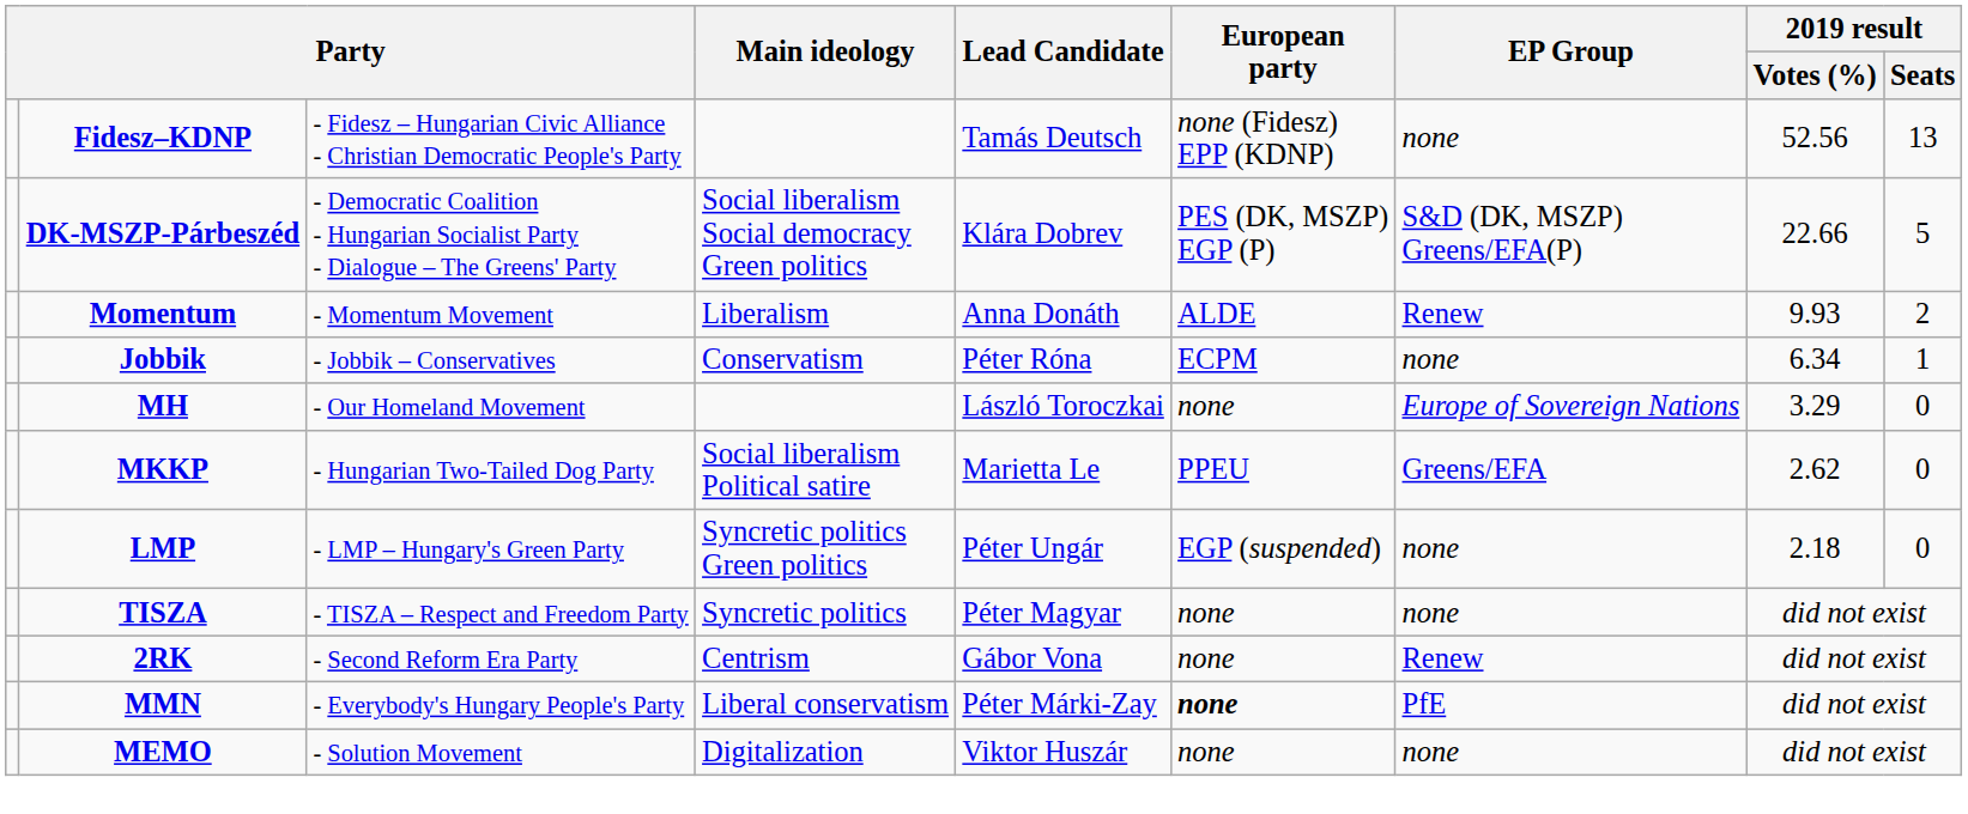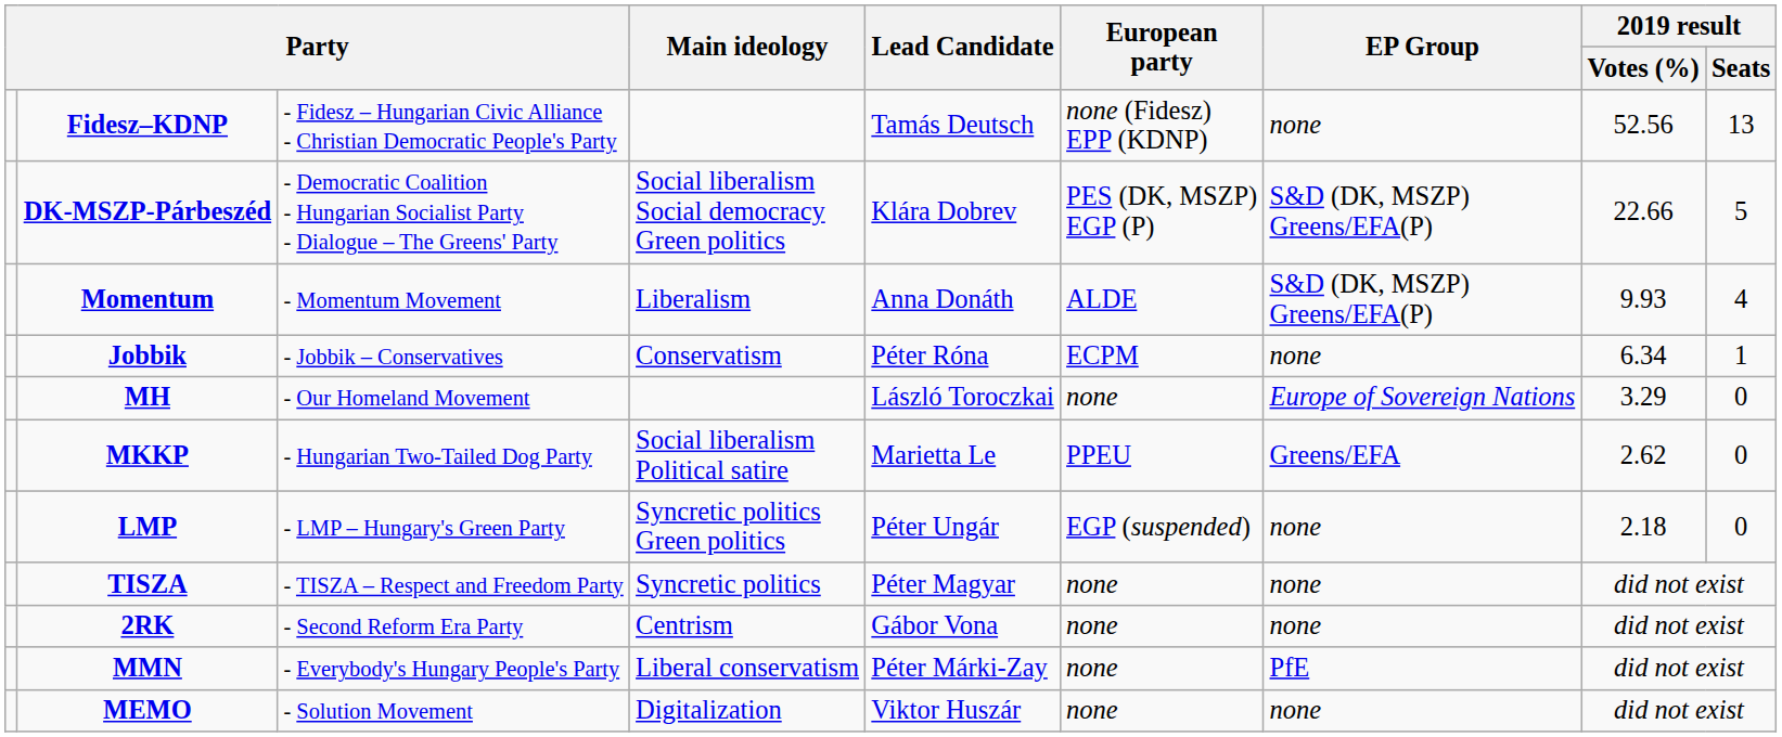 <table class=wikitable style=text-align:left>
 <tr>
 <th rowspan="2" colspan="3">Party</th>
 <th rowspan="2">Main ideology</th>
 <th rowspan="2">Lead Candidate</th>
 <th rowspan="2">European<br>party</th>
 <th rowspan="2">EP Group</th>
 <th colspan="2">2019 result</th>
 </tr>
 <tr>
 <th>Votes (%)</th>
 <th>Seats</th>
 </tr>
 <tr>
 <td style="background:"></td>
 <td style="text-align:center;"><strong><a href='#'>Fidesz–KDNP</a></strong></td>
 <td><small>- <a href='#'>Fidesz – Hungarian Civic Alliance</a></small><br><small>- <a href='#'>Christian Democratic People's Party</a></small></td>
 <td></td>
 <td><a href='#'>Tamás Deutsch</a></td>
 <td><em>none</em> (Fidesz)<br><a href='#'>EPP</a> (KDNP)</td>
 <td><em>none</em></td>
 <td style="text-align:center;">52.56</td>
 <td style="text-align:center;">13</td>
 </tr>
 <tr>
 <td style="background:"></td>
 <td style="text-align:center;"><strong><a href='#'>DK-MSZP-Párbeszéd</a></strong></td>
 <td><small>- <a href='#'>Democratic Coalition</a></small><br><small>- <a href='#'>Hungarian Socialist Party</a></small><br><small>- <a href='#'>Dialogue – The Greens' Party</a></small></td>
 <td><a href='#'>Social liberalism</a><br><a href='#'>Social democracy</a><br><a href='#'>Green politics</a></td>
 <td><a href='#'>Klára Dobrev</a></td>
 <td><a href='#'>PES</a> (DK, MSZP)<br><a href='#'>EGP</a> (P)</td>
 <td><a href='#'>S&D</a> (DK, MSZP)<br><a href='#'>Greens/EFA</a>(P)</td>
 <td style="text-align:center;">22.66</td>
 <td style="text-align:center;">5</td>
 </tr>
 <tr>
 <td style="background-color:"></td>
 <td style="text-align:center;"><a href='#'><strong>Momentum</strong></a></td>
 <td><small>- <a href='#'>Momentum Movement</a></small></td>
 <td><a href='#'>Liberalism</a></td>
 <td><a href='#'>Anna Donáth</a></td>
 <td><a href='#'>ALDE</a></td>
-<td><a href='#'>Renew</a></td>
+<td><a href='#'>S&D</a> (DK, MSZP)<br><a href='#'>Greens/EFA</a>(P)</td>
 <td style="text-align:center;">9.93</td>
-<td style="text-align:center;">2</td>
+<td style="text-align:center;">4</td>
 </tr>
 <tr>
 <td style="background-color:"></td>
 <td style="text-align:center;"><strong><a href='#'>Jobbik</a></strong></td>
 <td><small>- <a href='#'>Jobbik – Conservatives</a></small></td>
 <td><a href='#'>Conservatism</a></td>
 <td><a href='#'>Péter Róna</a></td>
 <td><a href='#'>ECPM</a></td>
 <td><em>none</em></td>
 <td style="text-align:center;">6.34</td>
 <td style="text-align:center;">1</td>
 </tr>
 <tr>
 <td style="background:"></td>
 <td style="text-align:center;"><strong><a href='#'>MH</a></strong></td>
 <td><small>- <a href='#'>Our Homeland Movement</a></small></td>
 <td></td>
 <td><a href='#'>László Toroczkai</a></td>
 <td><em>none</em></td>
 <td><em><a href='#'>Europe of Sovereign Nations</a></em></td>
 <td style="text-align:center;">3.29</td>
 <td style="text-align:center;">0</td>
 </tr>
 <tr>
 <td style="background-color:"></td>
 <td style="text-align:center;"><a href='#'><strong>MKKP</strong></a></td>
 <td><small>- <a href='#'>Hungarian Two-Tailed Dog Party</a></small></td>
 <td><a href='#'>Social liberalism</a><br><a href='#'>Political satire</a></td>
 <td><a href='#'>Marietta Le</a></td>
 <td><a href='#'>PPEU</a></td>
 <td><a href='#'>Greens/EFA</a></td>
 <td style="text-align:center;">2.62</td>
 <td style="text-align:center;">0</td>
 </tr>
 <tr>
 <td style="background-color:"></td>
 <td style="text-align:center;"><a href='#'><strong>LMP</strong></a></td>
 <td><small>- <a href='#'>LMP – Hungary's Green Party</a></small></td>
 <td><a href='#'>Syncretic politics</a><br><a href='#'>Green politics</a></td>
 <td><a href='#'>Péter Ungár</a></td>
 <td><a href='#'>EGP</a> (<em>suspended</em>)</td>
 <td><em>none</em></td>
 <td style="text-align:center;">2.18</td>
 <td style="text-align:center;">0</td>
 </tr>
 <tr>
 <td style="background-color:"></td>
 <td style="text-align:center;"><a href='#'><strong>TISZA</strong></a></td>
 <td><small>- <a href='#'>TISZA – Respect and Freedom Party</a></small></td>
 <td><a href='#'>Syncretic politics</a></td>
 <td><a href='#'>Péter Magyar</a></td>
 <td><em>none</em></td>
 <td><em>none</em></td>
 <td colspan="2" style="text-align:center;"><em>did not exist</em></td>
 </tr>
 <tr>
 <td style="background-color:"></td>
 <td style="text-align:center;"><a href='#'><strong>2RK</strong></a></td>
 <td><small>- <a href='#'>Second Reform Era Party</a></small></td>
 <td><a href='#'>Centrism</a></td>
 <td><a href='#'>Gábor Vona</a></td>
 <td><em>none</em></td>
-<td><a href='#'>Renew</a></td>
+<td><em>none</em></td>
 <td colspan="2" style="text-align:center"><em>did not exist</em></td>
 </tr>
 <tr>
 <td style="background:"></td>
 <td style="text-align:center;"><a href='#'><strong>MMN</strong></a></td>
 <td><small>- <a href='#'>Everybody's Hungary People's Party</a></small></td>
 <td><a href='#'>Liberal conservatism</a></td>
 <td><a href='#'>Péter Márki-Zay</a></td>
-<td><strong><em>none</em></strong></td>
+<td><em>none</em></td>
 <td><a href='#'>PfE</a></td>
 <td colspan="2" style="text-align:center"><em>did not exist</em></td>
 </tr>
 <tr>
 <td style="background:"></td>
 <td style="text-align:center;"><a href='#'><strong>MEMO</strong></a></td>
 <td><small>- <a href='#'>Solution Movement</a></small></td>
 <td><a href='#'>Digitalization</a></td>
 <td><a href='#'>Viktor Huszár</a></td>
 <td><em>none</em></td>
 <td><em>none</em></td>
 <td colspan="2" style="text-align:center;"><em>did not exist</em></td>
 </tr>
 </table>
